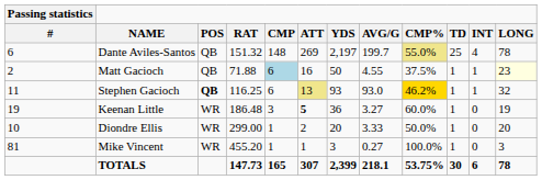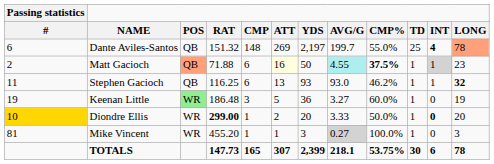 <table class="wikitable">
 <tr>
 <th style="text-align:center; ">Passing statistics</th>
 </tr>
 <tr>
 <th>#</th>
 <th>NAME</th>
 <th>POS</th>
 <th>RAT</th>
 <th>CMP</th>
 <th>ATT</th>
 <th>YDS</th>
 <th>AVG/G</th>
 <th>CMP%</th>
 <th>TD</th>
 <th>INT</th>
 <th>LONG</th>
 </tr>
 <tr>
 <td>6</td>
 <td>Dante Aviles-Santos</td>
 <td>QB</td>
 <td>151.32</td>
 <td>148</td>
 <td>269</td>
 <td>2,197</td>
 <td>199.7</td>
-<td style="background: khaki;">55.0%</td>
+<td>55.0%</td>
 <td>25</td>
-<td>4</td>
-<td>78</td>
+<td><strong>4</strong></td>
+<td style="background: lightsalmon;">78</td>
 </tr>
 <tr>
 <td>2</td>
 <td>Matt Gacioch</td>
-<td>QB</td>
+<td style="background: lightsalmon;">QB</td>
 <td>71.88</td>
-<td style="background: lightblue;">6</td>
-<td>16</td>
+<td>6</td>
+<td style="background: lightyellow;">16</td>
 <td>50</td>
-<td>4.55</td>
-<td>37.5%</td>
+<td style="background: paleturquoise;">4.55</td>
+<td><strong>37.5%</strong></td>
 <td>1</td>
-<td>1</td>
-<td style="background: lightyellow;">23</td>
+<td style="background: lightgrey;">1</td>
+<td>23</td>
 </tr>
 <tr>
 <td>11</td>
 <td>Stephen Gacioch</td>
-<td><strong>QB</strong></td>
+<td>QB</td>
 <td>116.25</td>
 <td>6</td>
-<td style="background: khaki;">13</td>
+<td>13</td>
 <td>93</td>
 <td>93.0</td>
-<td style="background: gold;">46.2%</td>
+<td>46.2%</td>
 <td>1</td>
 <td>1</td>
-<td>32</td>
+<td><strong>32</strong></td>
 </tr>
 <tr>
 <td>19</td>
 <td>Keenan Little</td>
-<td>WR</td>
+<td style="background: lightgreen;">WR</td>
 <td>186.48</td>
 <td>3</td>
-<td><strong>5</strong></td>
+<td>5</td>
 <td>36</td>
 <td>3.27</td>
 <td>60.0%</td>
 <td>1</td>
 <td>0</td>
 <td>19</td>
 </tr>
 <tr>
-<td>10</td>
+<td style="background: gold;">10</td>
 <td>Diondre Ellis</td>
 <td>WR</td>
-<td>299.00</td>
+<td><strong>299.00</strong></td>
 <td>1</td>
 <td>2</td>
 <td>20</td>
 <td>3.33</td>
 <td>50.0%</td>
 <td>1</td>
-<td>0</td>
+<td><strong>0</strong></td>
 <td>20</td>
 </tr>
 <tr>
 <td>81</td>
 <td>Mike Vincent</td>
 <td>WR</td>
 <td>455.20</td>
 <td>1</td>
 <td>1</td>
 <td>3</td>
-<td>0.27</td>
+<td style="background: lightgrey;">0.27</td>
 <td>100.0%</td>
 <td>1</td>
 <td>0</td>
 <td>3</td>
 </tr>
 <tr>
 <td></td>
 <td><strong>TOTALS</strong></td>
 <td></td>
 <td><strong>147.73</strong></td>
 <td><strong>165</strong></td>
 <td><strong>307</strong></td>
 <td><strong>2,399</strong></td>
 <td><strong>218.1</strong></td>
 <td><strong>53.75%</strong></td>
 <td><strong>30</strong></td>
 <td><strong>6</strong></td>
 <td><strong>78</strong></td>
 </tr>
 </table>
